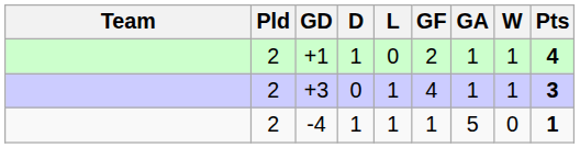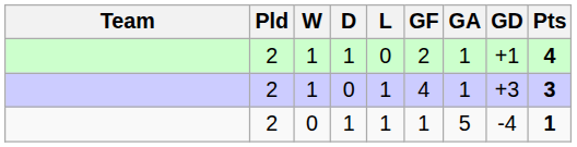 <table class="wikitable" style="text-align: center;">
 <tr>
 <th width=175>Team</th>
 <th width=20 abbr="Played">Pld</th>
-<th width=20 abbr="Goal difference">GD</th>
+<th width=20 abbr="Won">W</th>
 <th width=20 abbr="Drawn">D</th>
 <th width=20 abbr="Lost">L</th>
 <th width=20 abbr="Goals for">GF</th>
 <th width=20 abbr="Goals against">GA</th>
-<th width=20 abbr="Won">W</th>
+<th width=20 abbr="Goal difference">GD</th>
 <th width=20 abbr="Points">Pts</th>
 </tr>
 <tr bgcolor=#ccffcc>
 <td align=left></td>
 <td>2</td>
-<td>+1</td>
+<td>1</td>
 <td>1</td>
 <td>0</td>
 <td>2</td>
 <td>1</td>
-<td>1</td>
+<td>+1</td>
 <td><strong>4</strong></td>
 </tr>
 <tr bgcolor=#ccccff>
 <td align=left></td>
 <td>2</td>
-<td>+3</td>
+<td>1</td>
 <td>0</td>
 <td>1</td>
 <td>4</td>
 <td>1</td>
-<td>1</td>
+<td>+3</td>
 <td><strong>3</strong></td>
 </tr>
 <tr>
 <td align=left></td>
 <td>2</td>
-<td>-4</td>
+<td>0</td>
 <td>1</td>
 <td>1</td>
 <td>1</td>
 <td>5</td>
-<td>0</td>
+<td>-4</td>
 <td><strong>1</strong></td>
 </tr>
 </table>
